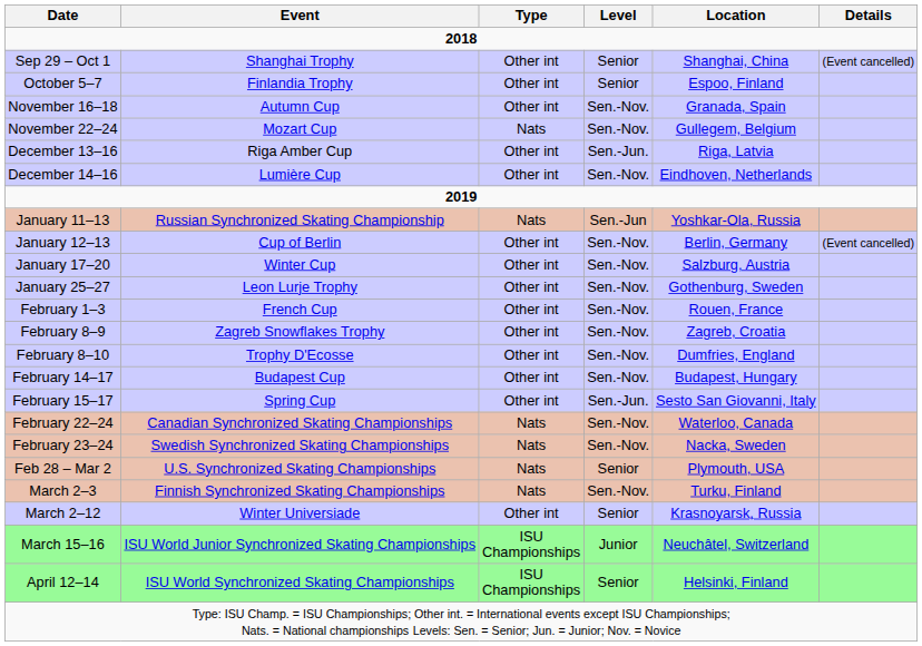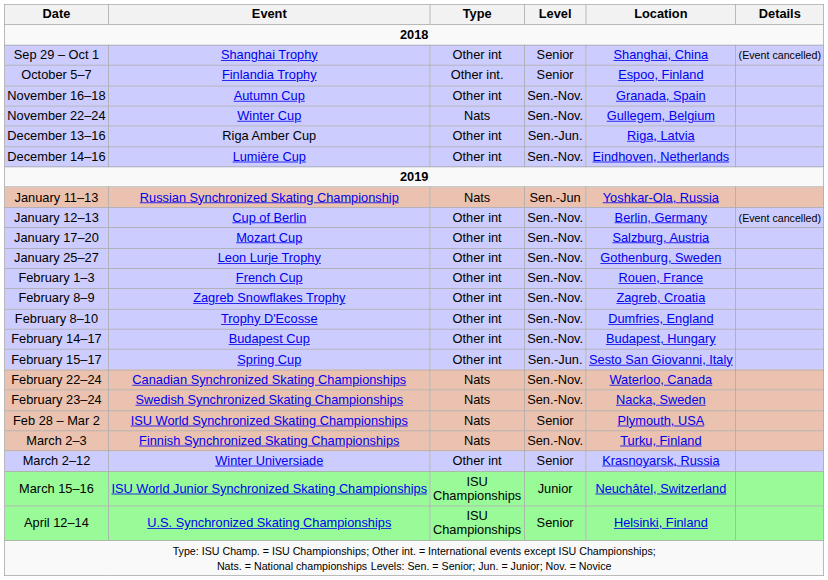 <table class="wikitable" style="text-align:center">
 <tr>
 <th>Date</th>
 <th>Event</th>
 <th>Type</th>
 <th>Level</th>
 <th>Location</th>
 <th>Details</th>
 </tr>
 <tr>
 <td colspan="6" align="center"><strong>2018</strong></td>
 </tr>
 <tr bgcolor="#CCCCFF">
 <td>Sep 29 – Oct 1</td>
 <td><a href='#'>Shanghai Trophy</a></td>
 <td>Other int</td>
 <td>Senior</td>
 <td><a href='#'>Shanghai, China</a></td>
 <td><small>(Event cancelled)</small></td>
 </tr>
 <tr bgcolor="CCCCFF">
 <td>October 5–7</td>
 <td align="center"><a href='#'>Finlandia Trophy</a></td>
-<td>Other int</td>
+<td>Other int.</td>
 <td>Senior</td>
 <td><a href='#'>Espoo, Finland</a></td>
 <td></td>
 </tr>
 <tr bgcolor="#CCCCFF">
 <td>November 16–18</td>
 <td><a href='#'>Autumn Cup</a></td>
 <td>Other int</td>
 <td>Sen.-Nov.</td>
 <td><a href='#'>Granada, Spain</a></td>
 <td></td>
 </tr>
 <tr bgcolor="#CCCCFF">
 <td>November 22–24</td>
-<td><a href='#'>Mozart Cup</a></td>
+<td><a href='#'>Winter Cup</a></td>
 <td>Nats</td>
 <td>Sen.-Nov.</td>
 <td><a href='#'>Gullegem, Belgium</a></td>
 <td></td>
 </tr>
 <tr bgcolor="#CCCCFF">
 <td>December 13–16</td>
 <td>Riga Amber Cup</td>
 <td>Other int</td>
 <td>Sen.-Jun.</td>
 <td><a href='#'>Riga, Latvia</a></td>
 <td></td>
 </tr>
 <tr bgcolor="#CCCCFF">
 <td>December 14–16</td>
 <td><a href='#'>Lumière Cup</a></td>
 <td>Other int</td>
 <td>Sen.-Nov.</td>
 <td><a href='#'>Eindhoven, Netherlands</a></td>
 <td></td>
 </tr>
 <tr>
 <td colspan="6" align="center"><strong>2019</strong></td>
 </tr>
 <tr bgcolor="#EBC2AF">
 <td>January 11–13</td>
 <td><a href='#'>Russian Synchronized Skating Championship</a></td>
 <td>Nats</td>
 <td>Sen.-Jun</td>
 <td><a href='#'>Yoshkar-Ola, Russia</a></td>
 <td></td>
 </tr>
 <tr bgcolor="#CCCCFF">
 <td>January 12–13</td>
 <td><a href='#'>Cup of Berlin</a></td>
 <td>Other int</td>
 <td>Sen.-Nov.</td>
 <td><a href='#'>Berlin, Germany</a></td>
 <td><small>(Event cancelled)</small></td>
 </tr>
 <tr bgcolor="#CCCCFF">
 <td>January 17–20</td>
-<td><a href='#'>Winter Cup</a></td>
+<td><a href='#'>Mozart Cup</a></td>
 <td>Other int</td>
 <td>Sen.-Nov.</td>
 <td><a href='#'>Salzburg, Austria</a></td>
 <td></td>
 </tr>
 <tr bgcolor="#CCCCFF">
 <td>January 25–27</td>
 <td><a href='#'>Leon Lurje Trophy</a></td>
 <td>Other int</td>
 <td>Sen.-Nov.</td>
 <td><a href='#'>Gothenburg, Sweden</a></td>
 <td></td>
 </tr>
 <tr bgcolor="#CCCCFF">
 <td>February 1–3</td>
 <td><a href='#'>French Cup</a></td>
 <td>Other int</td>
 <td>Sen.-Nov.</td>
 <td><a href='#'>Rouen, France</a></td>
 <td></td>
 </tr>
 <tr bgcolor="#CCCCFF">
 <td>February 8–9</td>
 <td><a href='#'>Zagreb Snowflakes Trophy</a></td>
 <td>Other int</td>
 <td>Sen.-Nov.</td>
 <td><a href='#'>Zagreb, Croatia</a></td>
 <td></td>
 </tr>
 <tr bgcolor="#CCCCFF">
 <td>February 8–10</td>
 <td><a href='#'>Trophy D'Ecosse</a></td>
 <td>Other int</td>
 <td>Sen.-Nov.</td>
 <td><a href='#'>Dumfries, England</a></td>
 <td></td>
 </tr>
 <tr bgcolor="#CCCCFF">
 <td>February 14–17</td>
 <td><a href='#'>Budapest Cup</a></td>
 <td>Other int</td>
 <td>Sen.-Nov.</td>
 <td><a href='#'>Budapest, Hungary</a></td>
 <td></td>
 </tr>
 <tr bgcolor="#CCCCFF">
 <td>February 15–17</td>
 <td><a href='#'>Spring Cup</a></td>
 <td>Other int</td>
 <td>Sen.-Jun.</td>
 <td><a href='#'>Sesto San Giovanni, Italy</a></td>
 <td></td>
 </tr>
 <tr bgcolor="#EBC2AF">
 <td>February 22–24</td>
 <td><a href='#'>Canadian Synchronized Skating Championships</a></td>
 <td>Nats</td>
 <td>Sen.-Nov.</td>
 <td><a href='#'>Waterloo, Canada</a></td>
 <td></td>
 </tr>
 <tr bgcolor="#EBC2AF">
 <td>February 23–24</td>
 <td><a href='#'>Swedish Synchronized Skating Championships</a></td>
 <td>Nats</td>
 <td>Sen.-Nov.</td>
 <td><a href='#'>Nacka, Sweden</a></td>
 <td></td>
 </tr>
 <tr bgcolor="#EBC2AF">
 <td>Feb 28 – Mar 2</td>
-<td><a href='#'>U.S. Synchronized Skating Championships</a></td>
+<td><a href='#'>ISU World Synchronized Skating Championships</a></td>
 <td>Nats</td>
 <td>Senior</td>
 <td><a href='#'>Plymouth, USA</a></td>
 <td></td>
 </tr>
 <tr bgcolor="#EBC2AF">
 <td>March 2–3</td>
 <td><a href='#'>Finnish Synchronized Skating Championships</a></td>
 <td>Nats</td>
 <td>Sen.-Nov.</td>
 <td><a href='#'>Turku, Finland</a></td>
 <td></td>
 </tr>
 <tr bgcolor="#CCCCFF">
 <td>March 2–12</td>
 <td><a href='#'>Winter Universiade</a></td>
 <td>Other int</td>
 <td>Senior</td>
 <td><a href='#'>Krasnoyarsk, Russia</a></td>
 <td></td>
 </tr>
 <tr bgcolor="98FB98">
 <td>March 15–16</td>
 <td align="center"><a href='#'>ISU World Junior Synchronized Skating Championships</a></td>
 <td>ISU<br>Championships</td>
 <td>Junior</td>
 <td><a href='#'>Neuchâtel, Switzerland</a></td>
 <td></td>
 </tr>
 <tr bgcolor="98FB98">
 <td>April 12–14</td>
-<td><a href='#'>ISU World Synchronized Skating Championships</a></td>
+<td><a href='#'>U.S. Synchronized Skating Championships</a></td>
 <td>ISU<br>Championships</td>
 <td>Senior</td>
 <td><a href='#'>Helsinki, Finland</a></td>
 <td></td>
 </tr>
 <tr>
 <td colspan="6" align="center"><small>Type: ISU Champ. = ISU Championships; Other int. = International events except ISU Championships;</small><br><small>Nats. = National championships</small>  <small>Levels: Sen. = Senior; Jun. = Junior; Nov. = Novice</small></td>
 </tr>
 </table>
